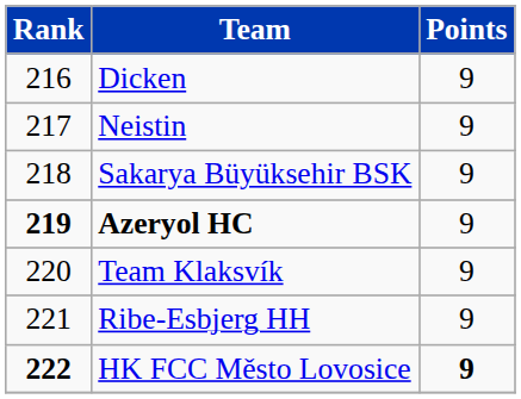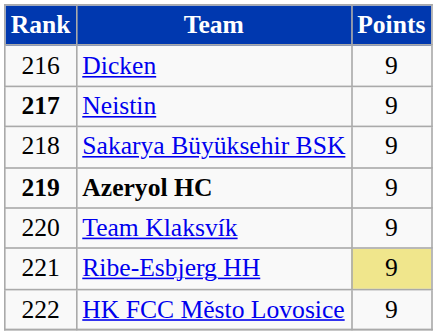 <table class="wikitable" style="text-align: center">
 <tr>
 <th style="color:#FFFFFF; background:#0038af">Rank</th>
 <th style="color:#FFFFFF; background:#0038af">Team</th>
 <th style="color:#FFFFFF; background:#0038af">Points</th>
 </tr>
 <tr>
 <td>216</td>
 <td align=left> <a href='#'>Dicken</a></td>
 <td>9</td>
 </tr>
 <tr>
-<td>217</td>
+<td><strong>217</strong></td>
 <td align=left> <a href='#'>Neistin</a></td>
 <td>9</td>
 </tr>
 <tr>
 <td>218</td>
 <td align=left> <a href='#'>Sakarya Büyüksehir BSK</a></td>
 <td>9</td>
 </tr>
 <tr>
 <td><strong>219</strong></td>
 <td align=left> <strong>Azeryol HC</strong></td>
 <td>9</td>
 </tr>
 <tr>
 <td>220</td>
 <td align=left> <a href='#'>Team Klaksvík</a></td>
 <td>9</td>
 </tr>
 <tr>
 <td>221</td>
 <td align=left> <a href='#'>Ribe-Esbjerg HH</a></td>
-<td>9</td>
+<td style="background: khaki;">9</td>
 </tr>
 <tr>
-<td><strong>222</strong></td>
+<td>222</td>
 <td align=left> <a href='#'>HK FCC Město Lovosice</a></td>
-<td><strong>9</strong></td>
+<td>9</td>
 </tr>
 <tr>
 </tr>
 </table>
